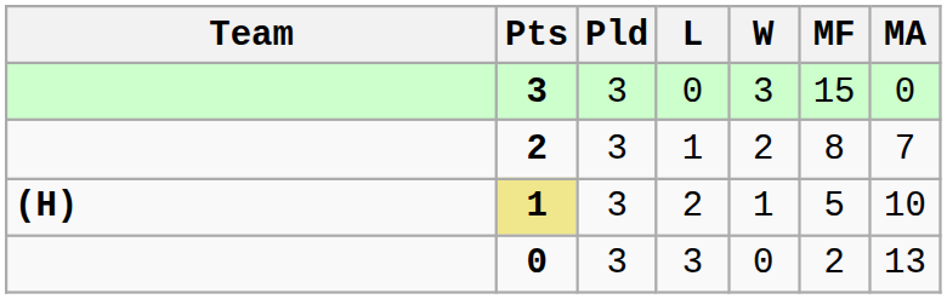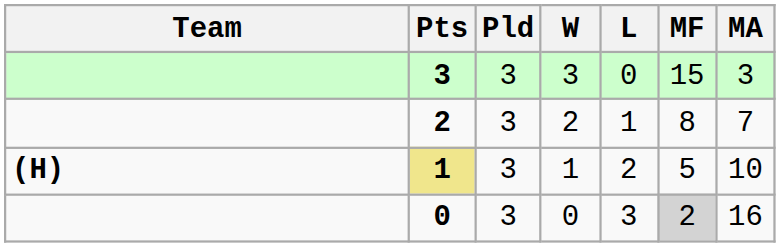 <table class=wikitable style="text-align:center">
 <tr>
 <th width=175>Team</th>
 <th width=20>Pts</th>
 <th width=20>Pld</th>
+<th width=20>W</th>
 <th width=20>L</th>
-<th width=20>W</th>
 <th width=20>MF</th>
 <th width=20>MA</th>
 </tr>
 <tr bgcolor=#ccffcc>
 <td style="text-align:left"></td>
 <td><strong>3</strong></td>
 <td>3</td>
+<td>3</td>
 <td>0</td>
+<td>15</td>
 <td>3</td>
-<td>15</td>
-<td>0</td>
 </tr>
 <tr>
 <td style="text-align:left"></td>
 <td><strong>2</strong></td>
 <td>3</td>
+<td>2</td>
 <td>1</td>
-<td>2</td>
 <td>8</td>
 <td>7</td>
 </tr>
 <tr>
 <td style="text-align:left"> <strong>(H)</strong></td>
 <td style="background: khaki;"><strong>1</strong></td>
 <td>3</td>
+<td>1</td>
 <td>2</td>
-<td>1</td>
 <td>5</td>
 <td>10</td>
 </tr>
 <tr>
 <td style="text-align:left"></td>
 <td><strong>0</strong></td>
 <td>3</td>
+<td>0</td>
 <td>3</td>
-<td>0</td>
-<td>2</td>
-<td>13</td>
+<td style="background: lightgrey;">2</td>
+<td>16</td>
 </tr>
 </table>
